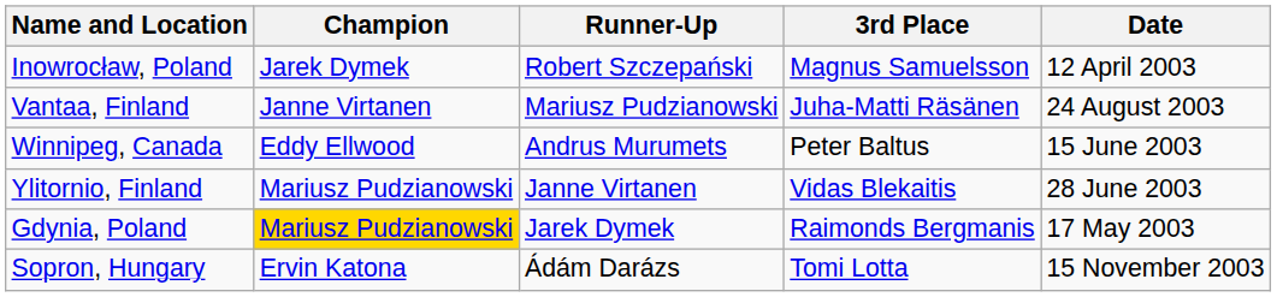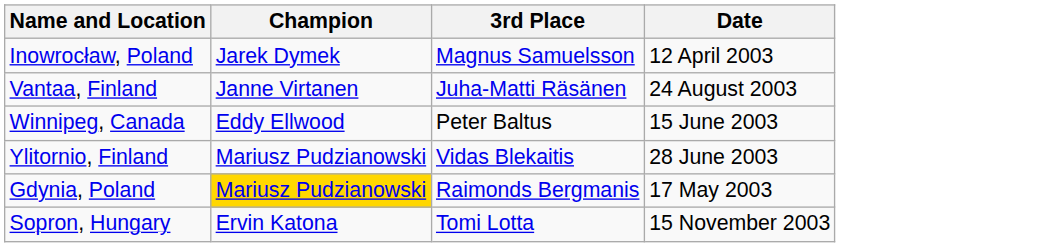 <table class="wikitable" style="display: inline-table">
 <tr>
 <th>Name and Location</th>
 <th>Champion</th>
-<th>Runner-Up</th>
 <th>3rd Place</th>
 <th>Date</th>
 </tr>
 <tr>
 <td> <a href='#'>Inowrocław</a>, <a href='#'>Poland</a> <br> </td>
 <td> <a href='#'>Jarek Dymek</a></td>
-<td> <a href='#'>Robert Szczepański</a></td>
 <td> <a href='#'>Magnus Samuelsson</a></td>
 <td>12 April 2003</td>
 </tr>
 <tr>
 <td> <a href='#'>Vantaa</a>, <a href='#'>Finland</a> <br> </td>
 <td> <a href='#'>Janne Virtanen</a></td>
-<td> <a href='#'>Mariusz Pudzianowski</a></td>
 <td> <a href='#'>Juha-Matti Räsänen</a></td>
 <td>24 August 2003</td>
 </tr>
 <tr>
 <td> <a href='#'>Winnipeg</a>, <a href='#'>Canada</a> <br> </td>
 <td> <a href='#'>Eddy Ellwood</a></td>
-<td> <a href='#'>Andrus Murumets</a></td>
 <td> Peter Baltus</td>
 <td>15 June 2003</td>
 </tr>
 <tr>
 <td> <a href='#'>Ylitornio</a>, <a href='#'>Finland</a> <br> </td>
 <td> <a href='#'>Mariusz Pudzianowski</a></td>
-<td> <a href='#'>Janne Virtanen</a></td>
 <td> <a href='#'>Vidas Blekaitis</a></td>
 <td>28 June 2003</td>
 </tr>
 <tr>
 <td> <a href='#'>Gdynia</a>, <a href='#'>Poland</a> <br> </td>
 <td style="background: gold;"> <a href='#'>Mariusz Pudzianowski</a></td>
-<td> <a href='#'>Jarek Dymek</a></td>
 <td> <a href='#'>Raimonds Bergmanis</a></td>
 <td>17 May 2003</td>
 </tr>
 <tr>
 <td> <a href='#'>Sopron</a>, <a href='#'>Hungary</a> <br> </td>
 <td> <a href='#'>Ervin Katona</a></td>
-<td> Ádám Darázs</td>
 <td> <a href='#'>Tomi Lotta</a></td>
 <td>15 November 2003</td>
 </tr>
 </table>
